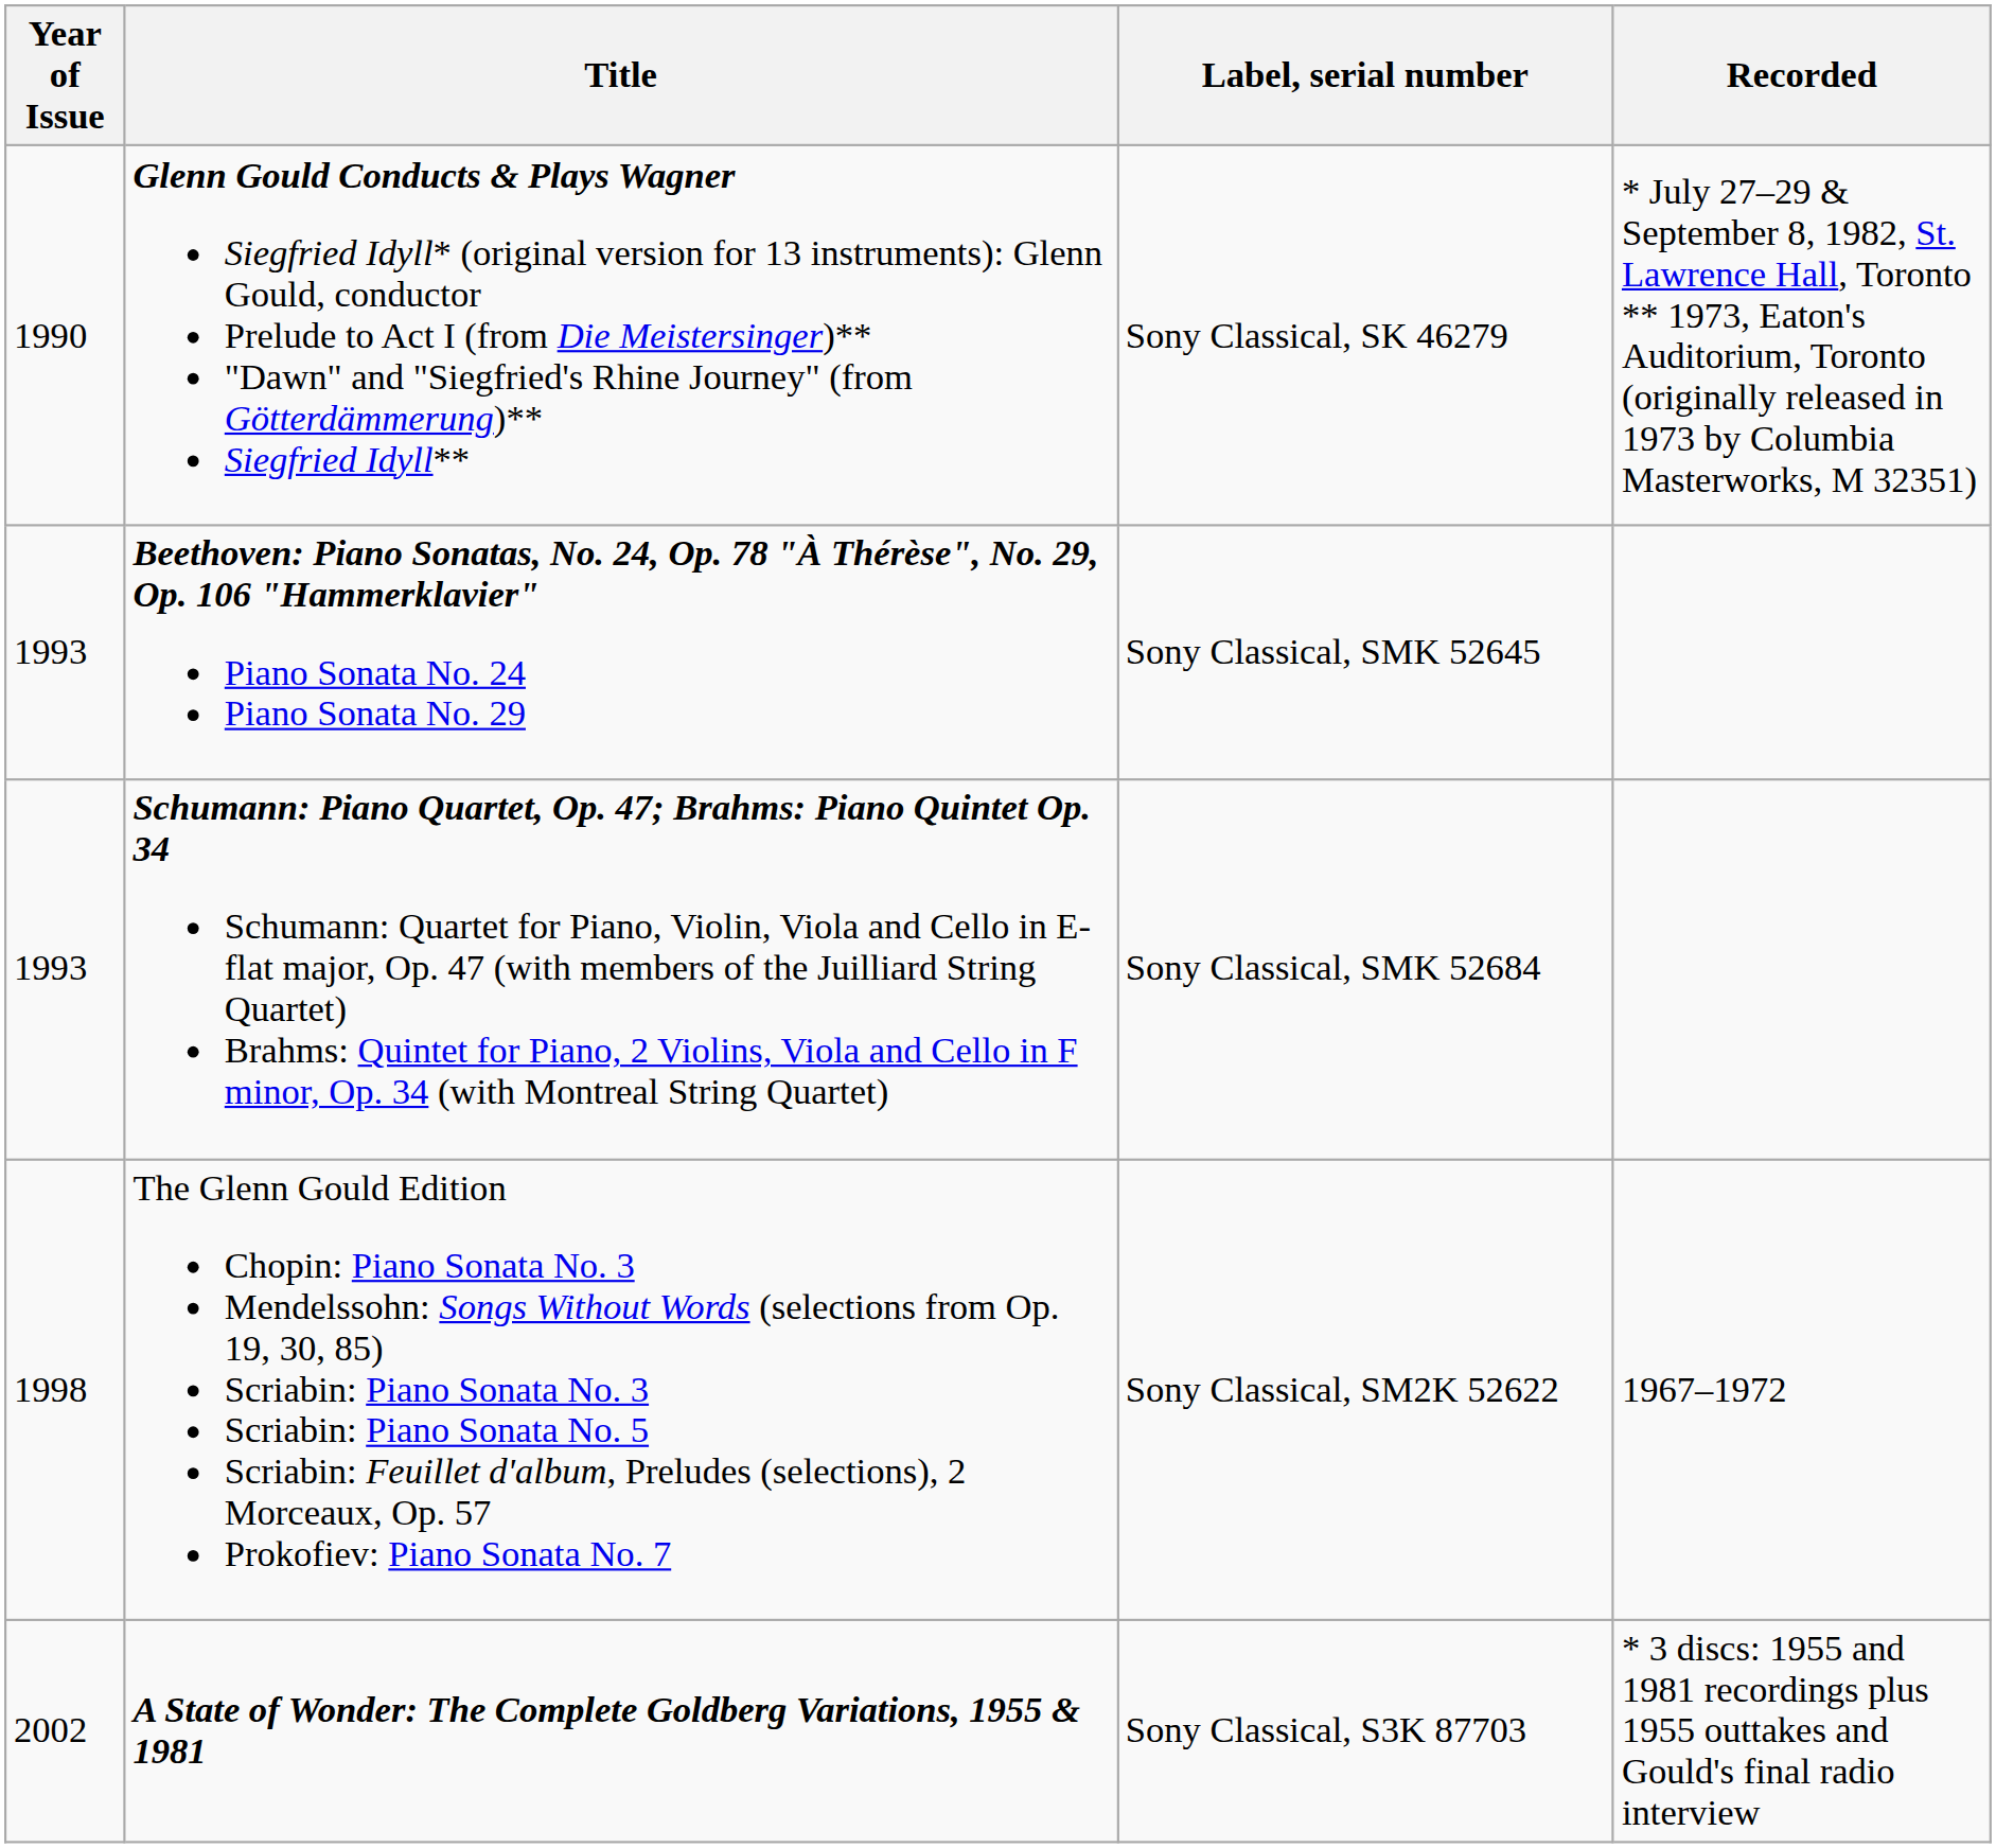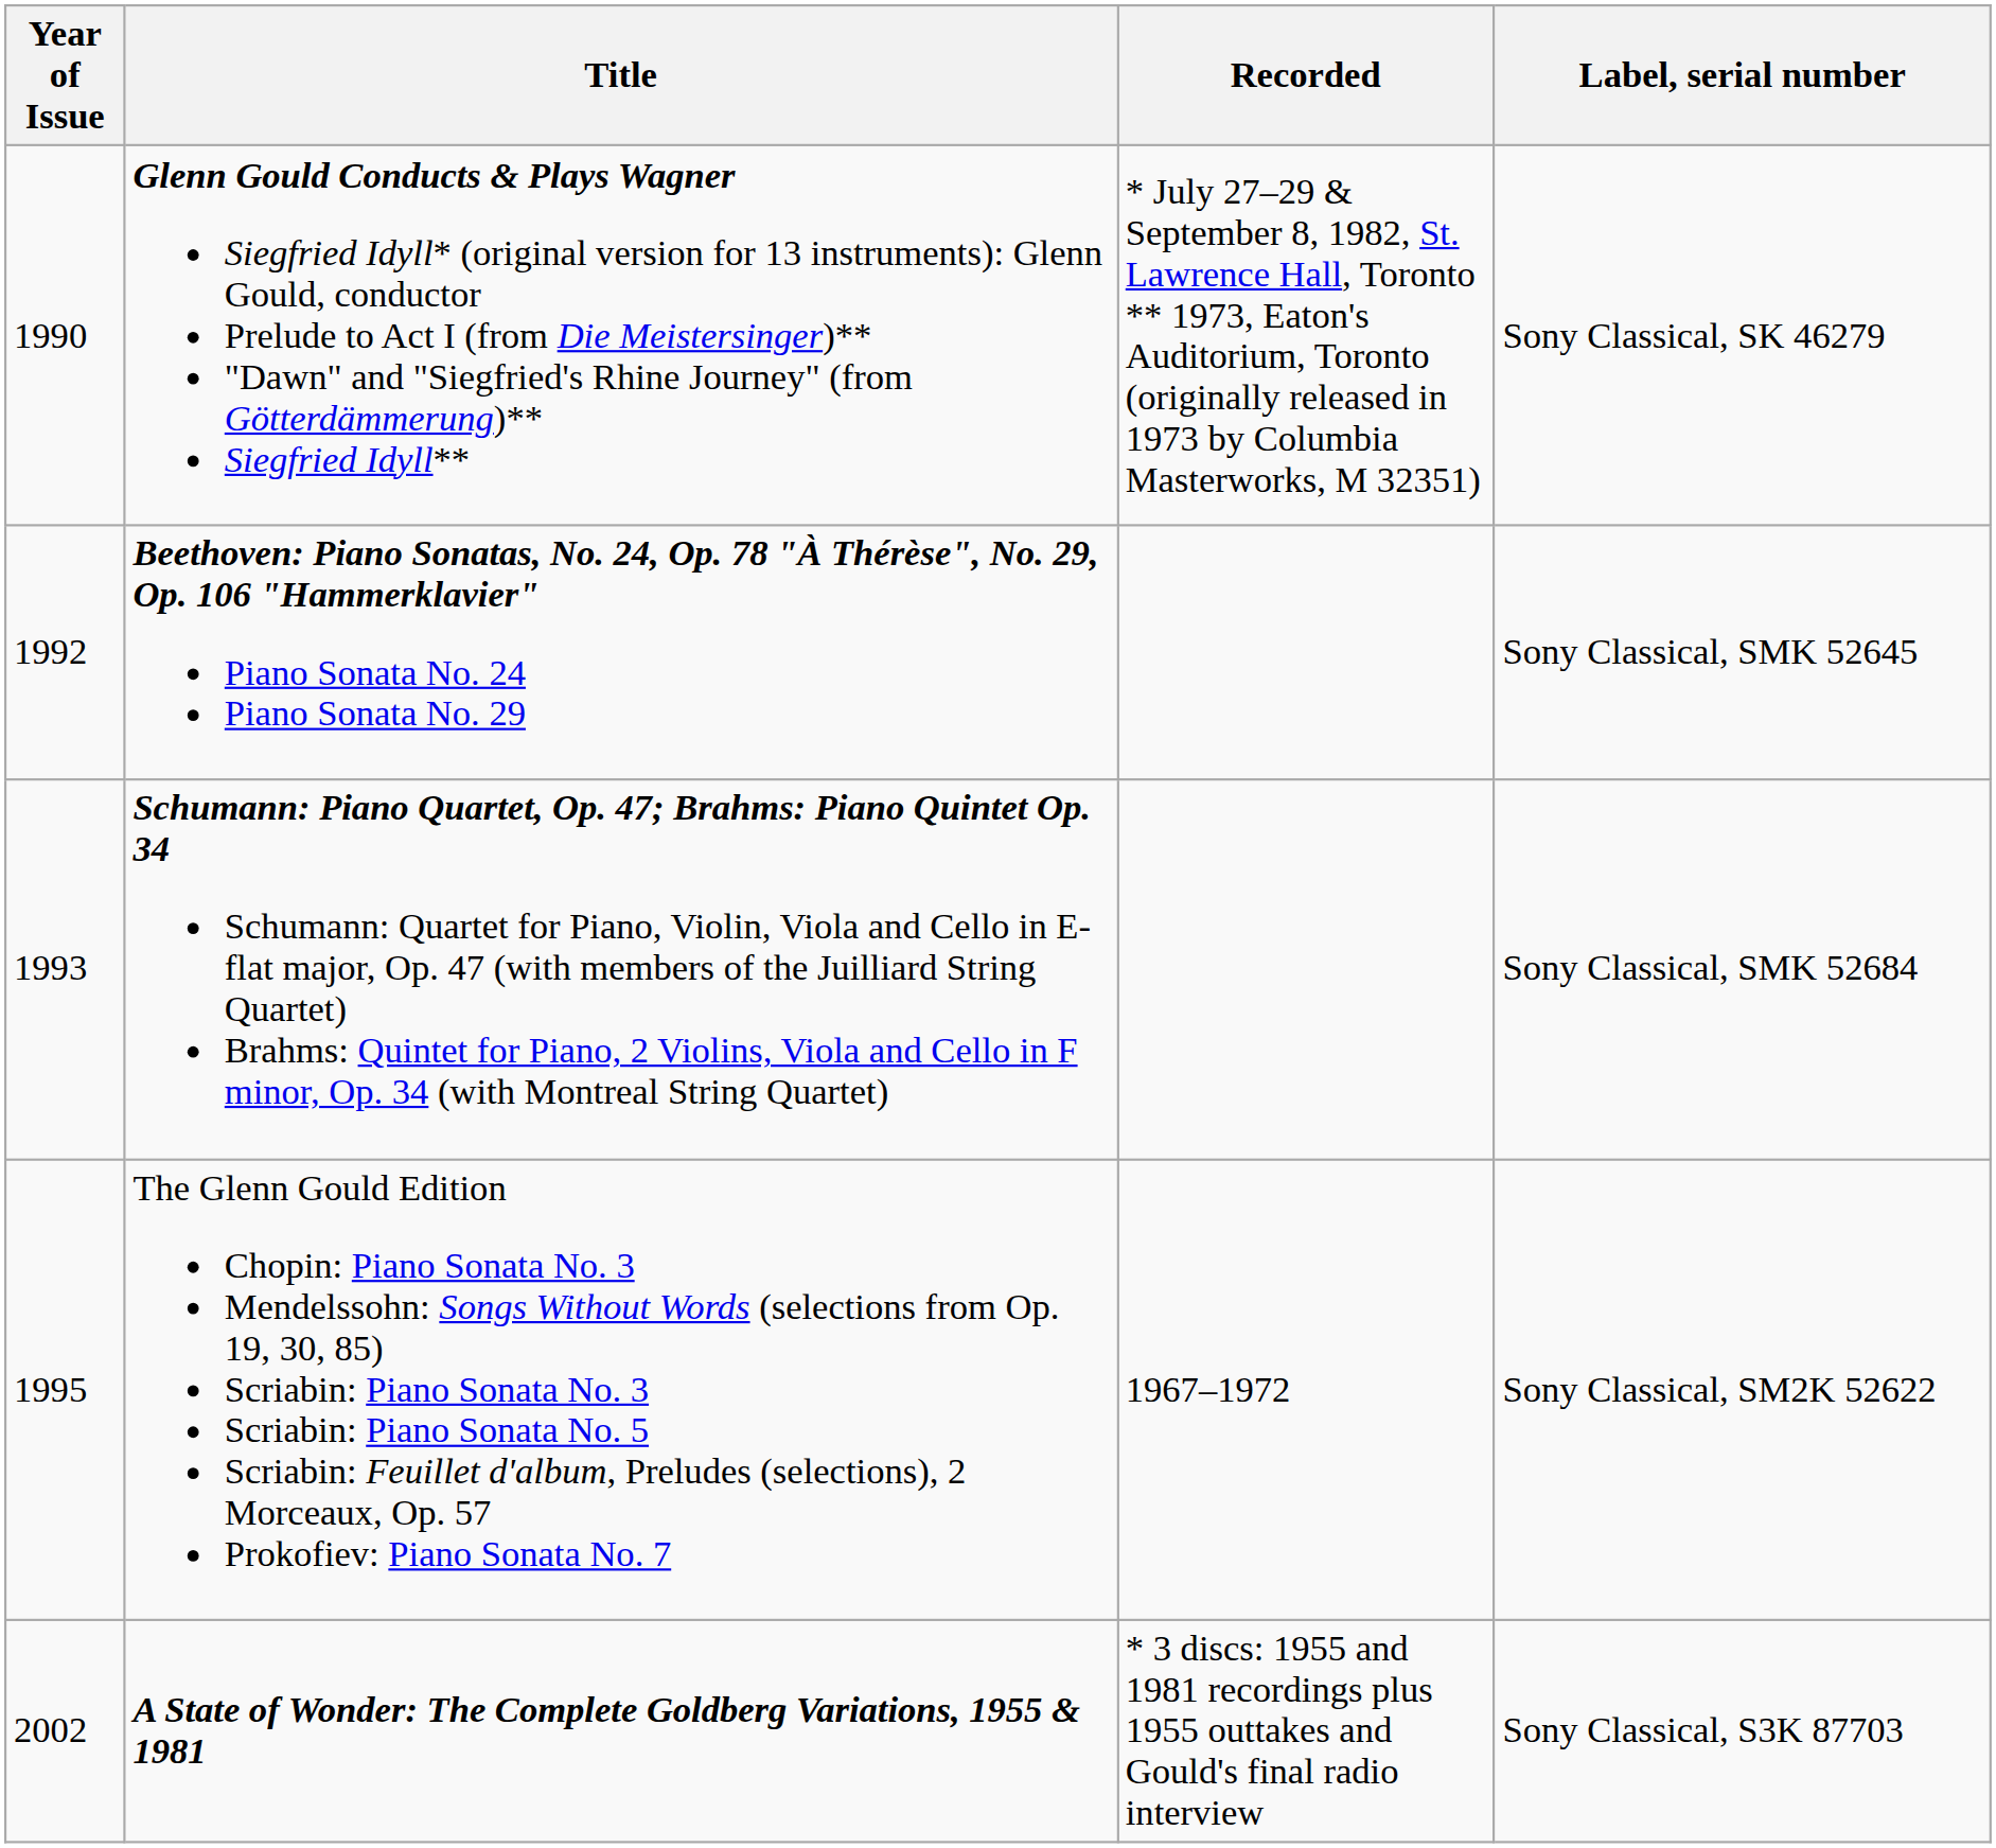 <table class="wikitable sortable">
 <tr>
 <th width="6%">Year of Issue</th>
 <th style="width:50%;">Title</th>
+<th style="width:19%;">Recorded</th>
 <th style="width:25%;">Label, serial number</th>
-<th style="width:19%;">Recorded</th>
 </tr>
 <tr>
 <td>1990</td>
 <td><strong><em>Glenn Gould Conducts & Plays Wagner</em></strong><br><ul><li><em>Siegfried Idyll</em>* (original version for 13 instruments): Glenn Gould, conductor</li><li>Prelude to Act I (from <em><a href='#'>Die Meistersinger</a></em>)**</li><li>"Dawn" and "Siegfried's Rhine Journey" (from <em><a href='#'>Götterdämmerung</a></em>)**</li><li><em><a href='#'>Siegfried Idyll</a></em>**</li></ul></td>
+<td>* July 27–29 & September 8, 1982, <a href='#'>St. Lawrence Hall</a>, Toronto<br> ** 1973, Eaton's Auditorium, Toronto (originally released in 1973 by Columbia Masterworks, M 32351)</td>
 <td>Sony Classical, SK 46279</td>
-<td>* July 27–29 & September 8, 1982, <a href='#'>St. Lawrence Hall</a>, Toronto<br> ** 1973, Eaton's Auditorium, Toronto (originally released in 1973 by Columbia Masterworks, M 32351)</td>
 </tr>
 <tr>
-<td>1993</td>
+<td>1992</td>
 <td><strong><em>Beethoven: Piano Sonatas, No. 24, Op. 78 "À Thérèse", No. 29, Op. 106 "Hammerklavier"</em></strong><br><ul><li><a href='#'>Piano Sonata No. 24</a></li><li><a href='#'>Piano Sonata No. 29</a></li></ul></td>
+<td></td>
 <td>Sony Classical, SMK 52645</td>
-<td></td>
 </tr>
 <tr>
 <td>1993</td>
 <td><strong><em>Schumann: Piano Quartet, Op. 47; Brahms: Piano Quintet Op. 34</em></strong><br><ul><li>Schumann: Quartet for Piano, Violin, Viola and Cello in E-flat major, Op. 47 (with members of the Juilliard String Quartet)</li><li>Brahms: <a href='#'>Quintet for Piano, 2 Violins, Viola and Cello in F minor, Op. 34</a> (with Montreal String Quartet)</li></ul></td>
+<td></td>
 <td>Sony Classical, SMK 52684</td>
-<td></td>
 </tr>
 <tr>
-<td>1998</td>
+<td>1995</td>
 <td>The Glenn Gould Edition<br><ul><li>Chopin: <a href='#'>Piano Sonata No. 3</a></li><li>Mendelssohn: <em><a href='#'>Songs Without Words</a></em> (selections from Op. 19, 30, 85)</li><li>Scriabin: <a href='#'>Piano Sonata No. 3</a></li><li>Scriabin: <a href='#'>Piano Sonata No. 5</a></li><li>Scriabin: <em>Feuillet d'album</em>, Preludes (selections), 2 Morceaux, Op. 57</li><li>Prokofiev: <a href='#'>Piano Sonata No. 7</a></li></ul></td>
+<td>1967–1972</td>
 <td>Sony Classical, SM2K 52622</td>
-<td>1967–1972</td>
 </tr>
 <tr>
 <td>2002</td>
 <td><strong><em>A State of Wonder: The Complete Goldberg Variations, 1955 & 1981</em></strong></td>
+<td>* 3 discs: 1955 and 1981 recordings plus 1955 outtakes and Gould's final radio interview</td>
 <td>Sony Classical, S3K 87703</td>
-<td>* 3 discs: 1955 and 1981 recordings plus 1955 outtakes and Gould's final radio interview</td>
 </tr>
 </table>
